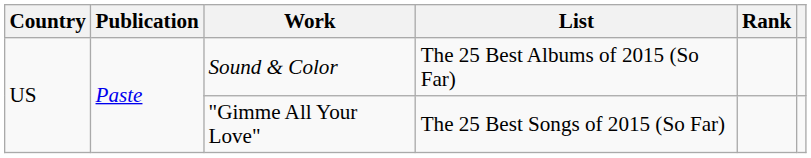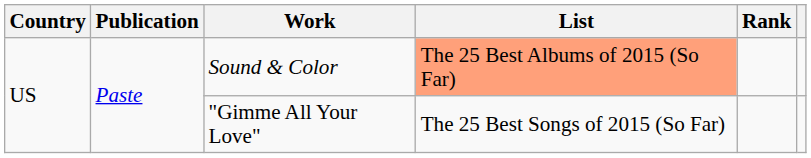 <table class="wikitable">
 <tr>
 <th>Country</th>
 <th>Publication</th>
 <th>Work</th>
 <th>List</th>
 <th>Rank</th>
 <th class="unsortable"></th>
 </tr>
 <tr>
 <td scope="row" rowspan=2>US</td>
 <td scope="row" rowspan=2><em><a href='#'>Paste</a></em></td>
 <td><em>Sound & Color</em></td>
-<td>The 25 Best Albums of 2015 (So Far)</td>
+<td style="background: lightsalmon;">The 25 Best Albums of 2015 (So Far)</td>
 <td></td>
 <td></td>
 </tr>
 <tr>
 <td>"Gimme All Your Love"</td>
 <td>The 25 Best Songs of 2015 (So Far)</td>
 <td></td>
 <td></td>
 </tr>
 </table>
